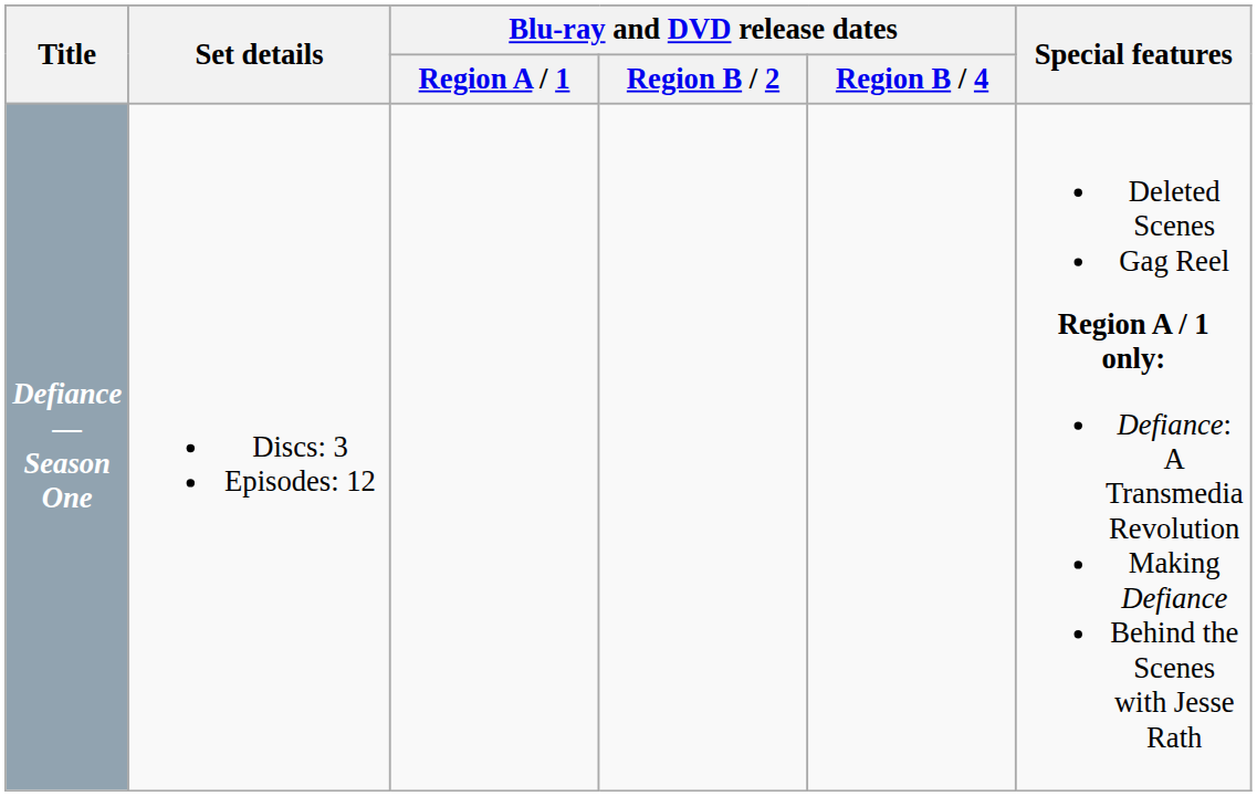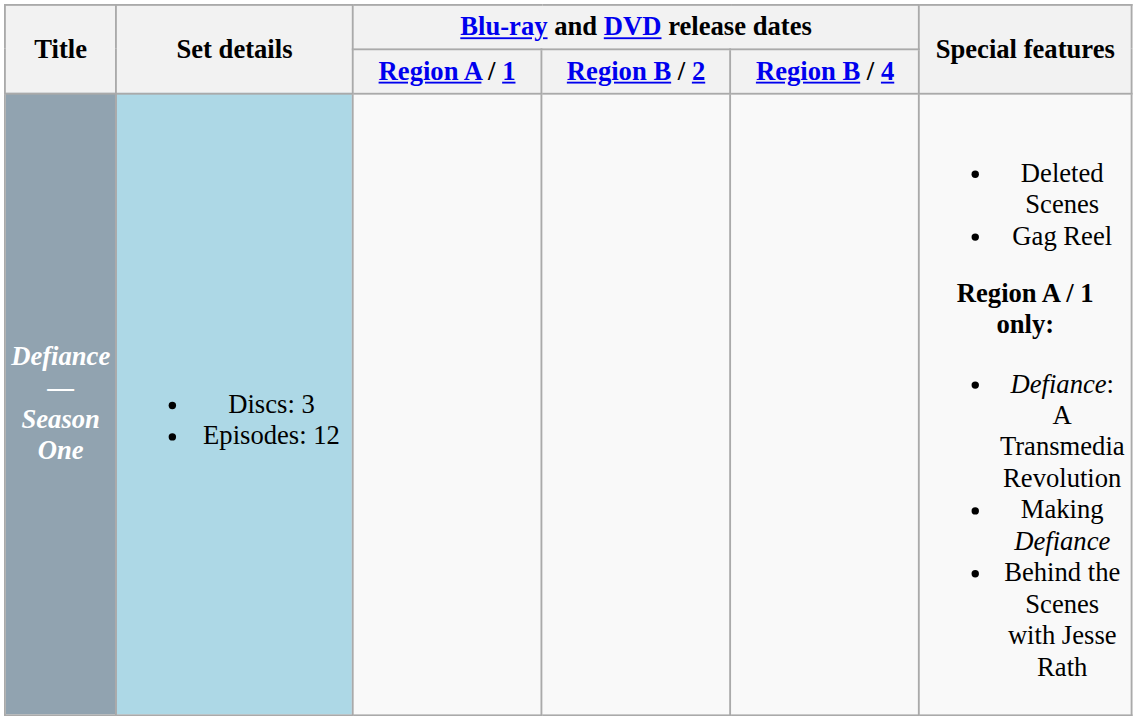 <table class="wikitable plainrowheaders" style="font-size:90%; text-align: center">
 <tr>
 <th scope="col" rowspan="2">Title</th>
 <th scope="col" rowspan="2" style="width: 10em;">Set details</th>
 <th scope="col" colspan="3"><a href='#'>Blu-ray</a> and <a href='#'>DVD</a> release dates</th>
 <th scope="col" rowspan="2">Special features</th>
 </tr>
 <tr>
 <th scope="col" style="width: 10em; font-size: 100%;"><a href='#'>Region A</a> / <a href='#'>1</a></th>
 <th scope="col" style="width: 10em; font-size: 100%;"><a href='#'>Region B</a> / <a href='#'>2</a></th>
 <th scope="col" style="width: 10em; font-size: 100%;"><a href='#'>Region B</a> / <a href='#'>4</a></th>
 </tr>
 <tr>
 <th scope="row" style="text-align:center; background:#91A3B0; color:#fff;"><strong><em><span>Defiance — Season One</span></em></strong></th>
-<td><br><ul><li>Discs: 3</li><li>Episodes: 12</li></ul></td>
+<td style="background: lightblue;"><br><ul><li>Discs: 3</li><li>Episodes: 12</li></ul></td>
 <td></td>
 <td></td>
 <td></td>
 <td><br><ul><li>Deleted Scenes</li><li>Gag Reel</li></ul><strong>Region A / 1 only:</strong><ul><li><em>Defiance</em>: A Transmedia Revolution</li><li>Making <em>Defiance</em></li><li>Behind the Scenes with Jesse Rath</li></ul></td>
 </tr>
 </table>
